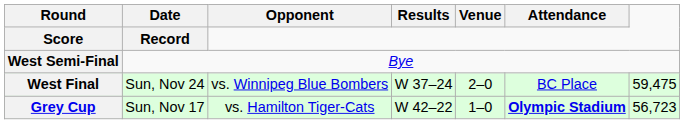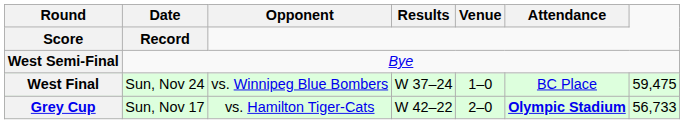 <table class="wikitable" style="text-align:center">
 <tr>
 <th>Round</th>
 <th>Date</th>
 <th>Opponent</th>
 <th>Results</th>
 <th>Venue</th>
 <th>Attendance</th>
 </tr>
 <tr>
 <th>Score</th>
 <th>Record</th>
 </tr>
 <tr>
 <th>West Semi-Final</th>
 <td colspan=7><em><a href='#'>Bye</a></em></td>
 </tr>
 <tr style="background:#ddffdd">
 <th>West Final</th>
 <td>Sun, Nov 24</td>
 <td>vs. <a href='#'>Winnipeg Blue Bombers</a></td>
 <td>W 37–24</td>
-<td>2–0</td>
+<td>1–0</td>
 <td><a href='#'>BC Place</a></td>
 <td>59,475</td>
 </tr>
 <tr style="background:#ddffdd">
 <th><a href='#'>Grey Cup</a></th>
 <td>Sun, Nov 17</td>
 <td>vs. <a href='#'>Hamilton Tiger-Cats</a></td>
 <td>W 42–22</td>
-<td>1–0</td>
+<td>2–0</td>
 <td><strong><a href='#'>Olympic Stadium</a></strong></td>
-<td>56,723</td>
+<td>56,733</td>
 </tr>
 </table>
